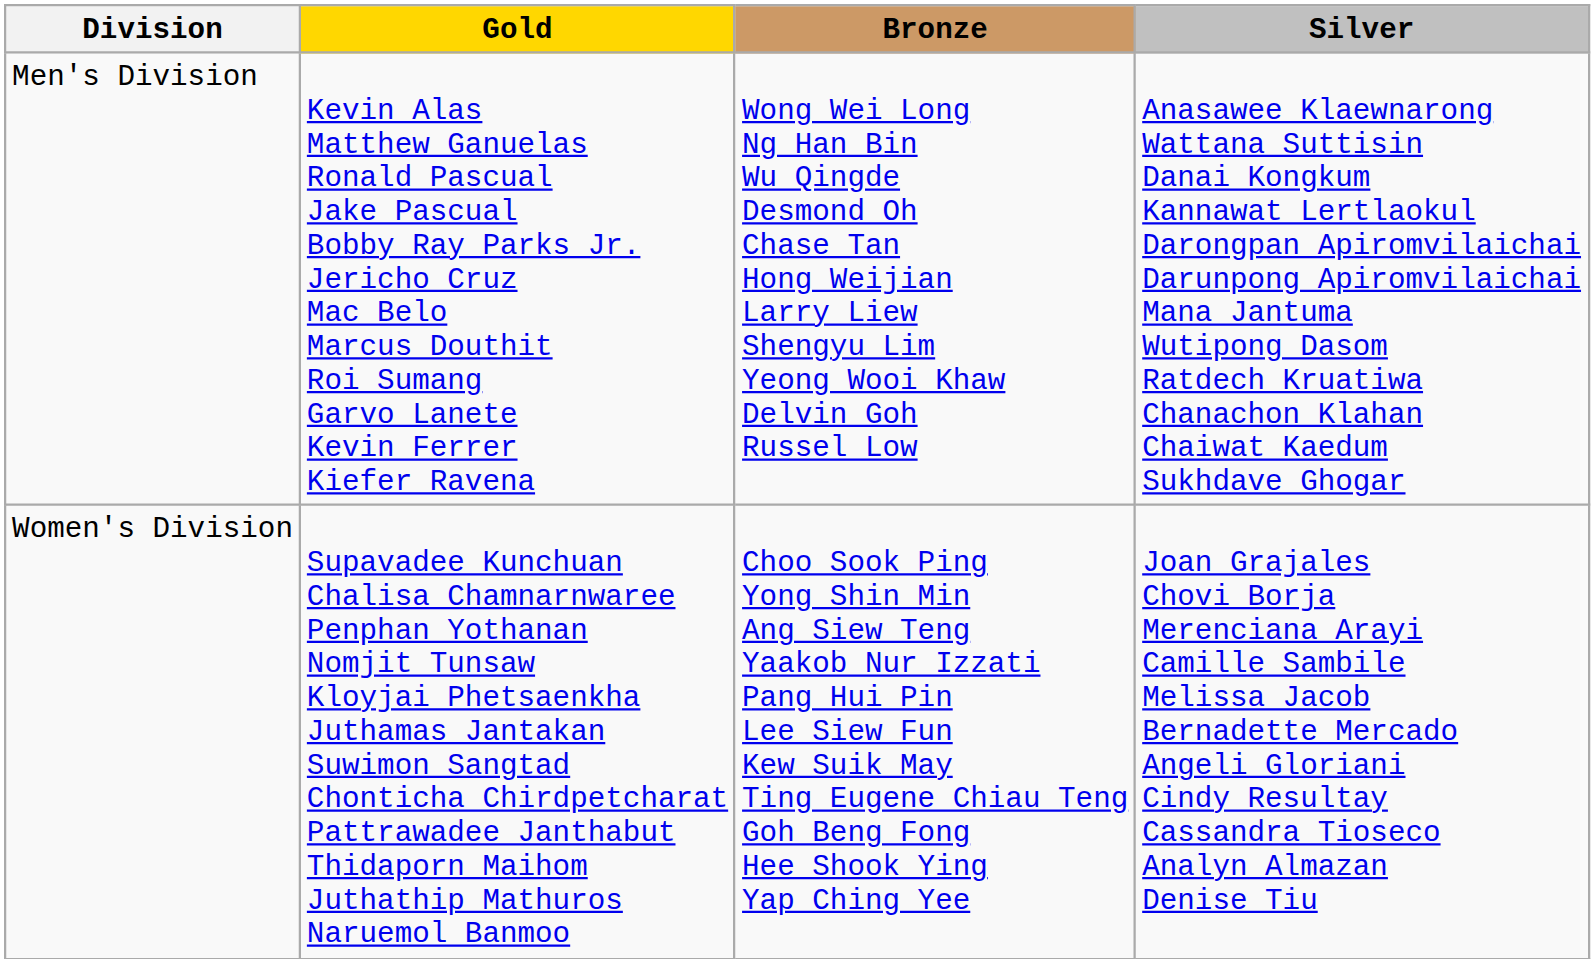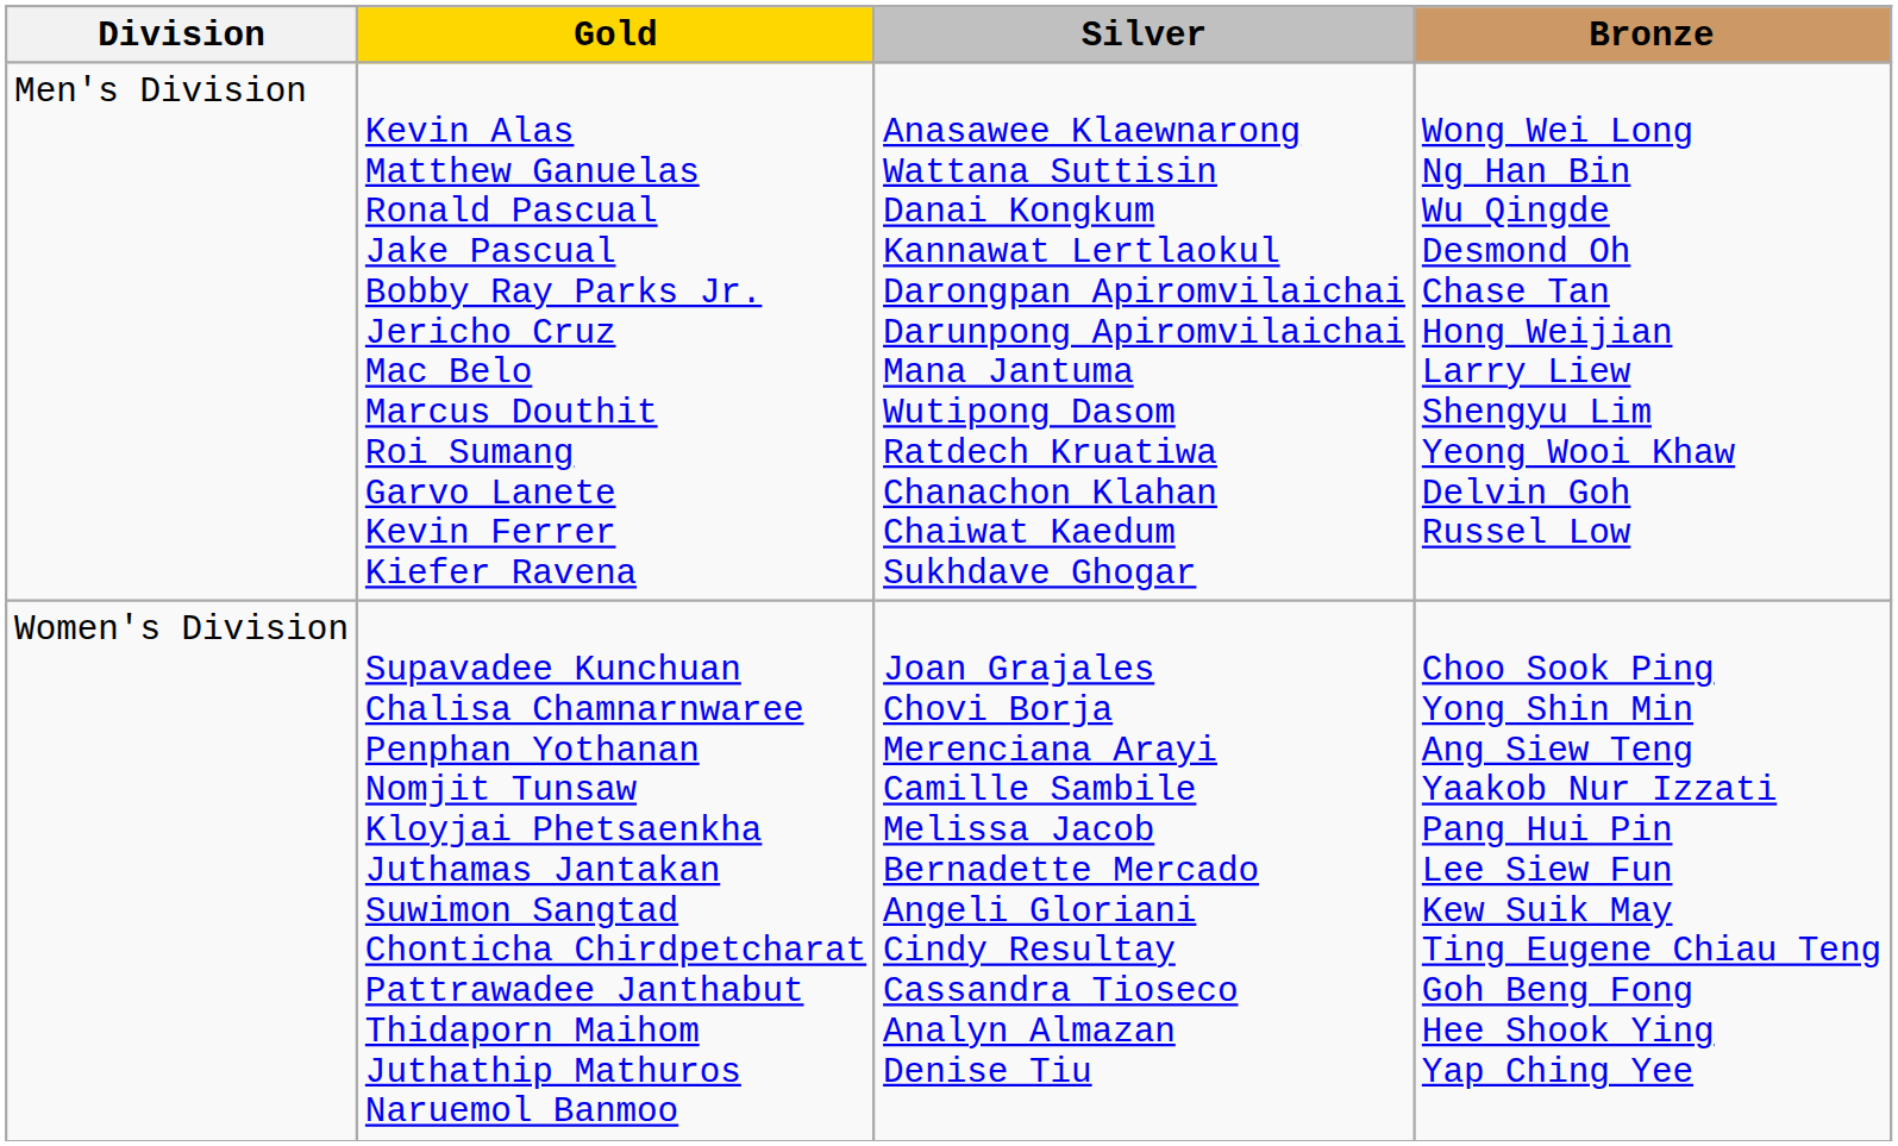 <table class="wikitable">
 <tr>
 <th>Division</th>
 <th style="background: gold">Gold</th>
+<th style="background: silver">Silver</th>
 <th style="background: #cc9966">Bronze</th>
-<th style="background: silver">Silver</th>
 </tr>
 <tr valign=top>
 <td>Men's Division</td>
 <td><strong></strong><br><a href='#'>Kevin Alas</a><br> <a href='#'>Matthew Ganuelas</a><br> <a href='#'>Ronald Pascual</a><br> <a href='#'>Jake Pascual</a><br> <a href='#'>Bobby Ray Parks Jr.</a><br> <a href='#'>Jericho Cruz</a><br> <a href='#'>Mac Belo</a><br> <a href='#'>Marcus Douthit</a><br> <a href='#'>Roi Sumang</a><br> <a href='#'>Garvo Lanete</a><br> <a href='#'>Kevin Ferrer</a><br> <a href='#'>Kiefer Ravena</a></td>
+<td><strong></strong><br><a href='#'>Anasawee Klaewnarong</a><br> <a href='#'>Wattana Suttisin</a><br> <a href='#'>Danai Kongkum</a><br> <a href='#'>Kannawat Lertlaokul</a><br> <a href='#'>Darongpan Apiromvilaichai</a><br> <a href='#'>Darunpong Apiromvilaichai</a><br> <a href='#'>Mana Jantuma</a><br> <a href='#'>Wutipong Dasom</a><br> <a href='#'>Ratdech Kruatiwa</a><br> <a href='#'>Chanachon Klahan</a><br> <a href='#'>Chaiwat Kaedum</a><br> <a href='#'>Sukhdave Ghogar</a></td>
 <td><strong></strong><br><a href='#'>Wong Wei Long</a><br> <a href='#'>Ng Han Bin</a><br> <a href='#'>Wu Qingde</a><br> <a href='#'>Desmond Oh</a><br> <a href='#'>Chase Tan</a><br> <a href='#'>Hong Weijian</a><br> <a href='#'>Larry Liew</a><br> <a href='#'>Shengyu Lim</a><br> <a href='#'>Yeong Wooi Khaw</a><br> <a href='#'>Delvin Goh</a><br> <a href='#'>Russel Low</a></td>
-<td><strong></strong><br><a href='#'>Anasawee Klaewnarong</a><br> <a href='#'>Wattana Suttisin</a><br> <a href='#'>Danai Kongkum</a><br> <a href='#'>Kannawat Lertlaokul</a><br> <a href='#'>Darongpan Apiromvilaichai</a><br> <a href='#'>Darunpong Apiromvilaichai</a><br> <a href='#'>Mana Jantuma</a><br> <a href='#'>Wutipong Dasom</a><br> <a href='#'>Ratdech Kruatiwa</a><br> <a href='#'>Chanachon Klahan</a><br> <a href='#'>Chaiwat Kaedum</a><br> <a href='#'>Sukhdave Ghogar</a></td>
 </tr>
 <tr valign=top>
 <td>Women's Division</td>
 <td><strong></strong><br><a href='#'>Supavadee Kunchuan</a><br> <a href='#'>Chalisa Chamnarnwaree</a><br> <a href='#'>Penphan Yothanan</a><br> <a href='#'>Nomjit Tunsaw</a><br> <a href='#'>Kloyjai Phetsaenkha</a><br> <a href='#'>Juthamas Jantakan</a><br> <a href='#'>Suwimon Sangtad</a><br> <a href='#'>Chonticha Chirdpetcharat</a><br> <a href='#'>Pattrawadee Janthabut</a><br> <a href='#'>Thidaporn Maihom</a><br> <a href='#'>Juthathip Mathuros</a><br> <a href='#'>Naruemol Banmoo</a></td>
+<td><strong></strong><br><a href='#'>Joan Grajales</a><br> <a href='#'>Chovi Borja</a><br> <a href='#'>Merenciana Arayi</a><br> <a href='#'>Camille Sambile</a><br> <a href='#'>Melissa Jacob</a><br> <a href='#'>Bernadette Mercado</a><br> <a href='#'>Angeli Gloriani</a><br> <a href='#'>Cindy Resultay</a><br> <a href='#'>Cassandra Tioseco</a><br> <a href='#'>Analyn Almazan</a><br> <a href='#'>Denise Tiu</a></td>
 <td><strong></strong><br><a href='#'>Choo Sook Ping</a><br> <a href='#'>Yong Shin Min</a><br> <a href='#'>Ang Siew Teng</a><br> <a href='#'>Yaakob Nur Izzati</a><br> <a href='#'>Pang Hui Pin</a><br> <a href='#'>Lee Siew Fun</a><br> <a href='#'>Kew Suik May</a><br> <a href='#'>Ting Eugene Chiau Teng</a><br> <a href='#'>Goh Beng Fong</a><br> <a href='#'>Hee Shook Ying</a><br> <a href='#'>Yap Ching Yee</a></td>
-<td><strong></strong><br><a href='#'>Joan Grajales</a><br> <a href='#'>Chovi Borja</a><br> <a href='#'>Merenciana Arayi</a><br> <a href='#'>Camille Sambile</a><br> <a href='#'>Melissa Jacob</a><br> <a href='#'>Bernadette Mercado</a><br> <a href='#'>Angeli Gloriani</a><br> <a href='#'>Cindy Resultay</a><br> <a href='#'>Cassandra Tioseco</a><br> <a href='#'>Analyn Almazan</a><br> <a href='#'>Denise Tiu</a></td>
 </tr>
 </table>
